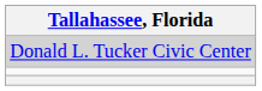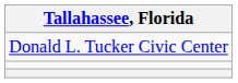 <table class="wikitable" style="text-align:center">
 <tr>
 <th><a href='#'>Tallahassee</a>, Florida</th>
 </tr>
 <tr>
-<td style="background: lightgrey;"><a href='#'>Donald L. Tucker Civic Center</a></td>
+<td><a href='#'>Donald L. Tucker Civic Center</a></td>
 </tr>
 <tr>
 <td></td>
 </tr>
 <tr>
 <th></th>
 </tr>
 </table>
